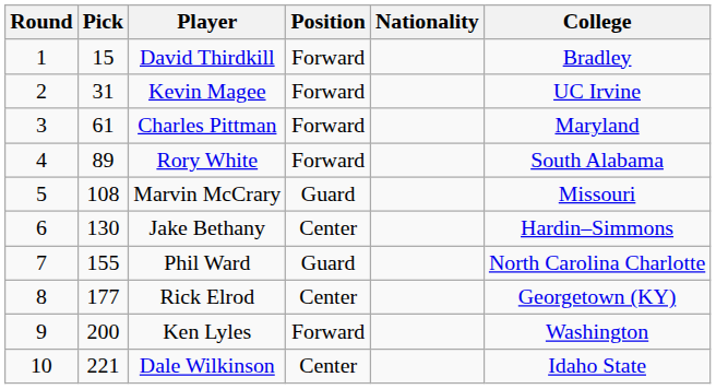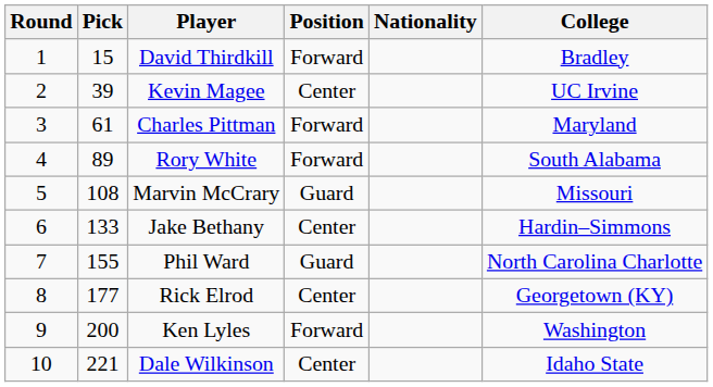 <table class="wikitable sortable sortable">
 <tr>
 <th>Round</th>
 <th>Pick</th>
 <th>Player</th>
 <th>Position</th>
 <th>Nationality</th>
 <th>College</th>
 </tr>
 <tr style="text-align: center">
 <td>1</td>
 <td>15</td>
 <td><a href='#'>David Thirdkill</a></td>
 <td>Forward</td>
 <td></td>
 <td><a href='#'>Bradley</a></td>
 </tr>
 <tr style="text-align: center">
 <td>2</td>
-<td>31</td>
+<td>39</td>
 <td><a href='#'>Kevin Magee</a></td>
-<td>Forward</td>
+<td>Center</td>
 <td></td>
 <td><a href='#'>UC Irvine</a></td>
 </tr>
 <tr style="text-align: center">
 <td>3</td>
 <td>61</td>
 <td><a href='#'>Charles Pittman</a></td>
 <td>Forward</td>
 <td></td>
 <td><a href='#'>Maryland</a></td>
 </tr>
 <tr style="text-align: center">
 <td>4</td>
 <td>89</td>
 <td><a href='#'>Rory White</a></td>
 <td>Forward</td>
 <td></td>
 <td><a href='#'>South Alabama</a></td>
 </tr>
 <tr style="text-align: center">
 <td>5</td>
 <td>108</td>
 <td>Marvin McCrary</td>
 <td>Guard</td>
 <td></td>
 <td><a href='#'>Missouri</a></td>
 </tr>
 <tr style="text-align: center">
 <td>6</td>
-<td>130</td>
+<td>133</td>
 <td>Jake Bethany</td>
 <td>Center</td>
 <td></td>
 <td><a href='#'>Hardin–Simmons</a></td>
 </tr>
 <tr style="text-align: center">
 <td>7</td>
 <td>155</td>
 <td>Phil Ward</td>
 <td>Guard</td>
 <td></td>
 <td><a href='#'>North Carolina Charlotte</a></td>
 </tr>
 <tr style="text-align: center">
 <td>8</td>
 <td>177</td>
 <td>Rick Elrod</td>
 <td>Center</td>
 <td></td>
 <td><a href='#'>Georgetown (KY)</a></td>
 </tr>
 <tr style="text-align: center">
 <td>9</td>
 <td>200</td>
 <td>Ken Lyles</td>
 <td>Forward</td>
 <td></td>
 <td><a href='#'>Washington</a></td>
 </tr>
 <tr style="text-align: center">
 <td>10</td>
 <td>221</td>
 <td><a href='#'>Dale Wilkinson</a></td>
 <td>Center</td>
 <td></td>
 <td><a href='#'>Idaho State</a></td>
 </tr>
 </table>
